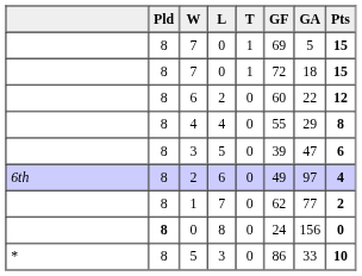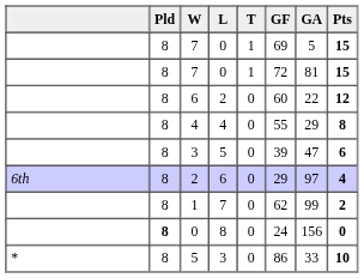 <table border=1 cellpadding=5 cellspacing=0>
 <tr>
 <th bgcolor="#efefef" width="150"></th>
 <th bgcolor="#efefef" width="20">Pld</th>
 <th bgcolor="#efefef" width="20">W</th>
 <th bgcolor="#efefef" width="20">L</th>
 <th bgcolor="#efefef" width="20">T</th>
 <th bgcolor="#efefef" width="20">GF</th>
 <th bgcolor="#efefef" width="20">GA</th>
 <th bgcolor="#efefef" width="20">Pts</th>
 </tr>
 <tr align=center>
 <td align=left></td>
 <td>8</td>
 <td>7</td>
 <td>0</td>
 <td>1</td>
 <td>69</td>
 <td>5</td>
 <td><strong>15</strong></td>
 </tr>
 <tr align=center>
 <td align=left></td>
 <td>8</td>
 <td>7</td>
 <td>0</td>
 <td>1</td>
 <td>72</td>
-<td>18</td>
+<td>81</td>
 <td><strong>15</strong></td>
 </tr>
 <tr align=center>
 <td align=left></td>
 <td>8</td>
 <td>6</td>
 <td>2</td>
 <td>0</td>
 <td>60</td>
 <td>22</td>
 <td><strong>12</strong></td>
 </tr>
 <tr align=center>
 <td align=left></td>
 <td>8</td>
 <td>4</td>
 <td>4</td>
 <td>0</td>
 <td>55</td>
 <td>29</td>
 <td><strong>8</strong></td>
 </tr>
 <tr align=center>
 <td align=left></td>
 <td>8</td>
 <td>3</td>
 <td>5</td>
 <td>0</td>
 <td>39</td>
 <td>47</td>
 <td><strong>6</strong></td>
 </tr>
 <tr align=center  bgcolor="ccccff">
 <td align=left> <em>6th</em></td>
 <td>8</td>
 <td>2</td>
 <td>6</td>
 <td>0</td>
-<td>49</td>
+<td>29</td>
 <td>97</td>
 <td><strong>4</strong></td>
 </tr>
 <tr align=center>
 <td align=left></td>
 <td>8</td>
 <td>1</td>
 <td>7</td>
 <td>0</td>
 <td>62</td>
-<td>77</td>
+<td>99</td>
 <td><strong>2</strong></td>
 </tr>
 <tr align=center>
 <td align=left></td>
 <td><strong>8</strong></td>
 <td>0</td>
 <td>8</td>
 <td>0</td>
 <td>24</td>
 <td>156</td>
 <td><strong>0</strong></td>
 </tr>
 <tr align=center>
 <td align=left> *</td>
 <td>8</td>
 <td>5</td>
 <td>3</td>
 <td>0</td>
 <td>86</td>
 <td>33</td>
 <td><strong>10</strong></td>
 </tr>
 </table>
